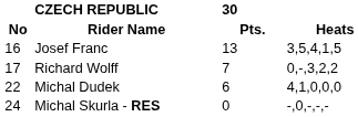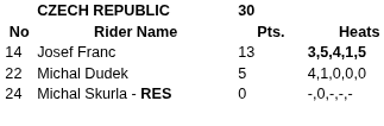 <table class="toccolours">
 <tr>
 <td></td>
 <td><strong>CZECH REPUBLIC</strong></td>
 <td><strong>30</strong></td>
 </tr>
 <tr style="background-color:">
 <th width=30px>No</th>
 <th width=210px>Rider Name</th>
 <th width=70px>Pts.</th>
 <th width=110px>Heats</th>
 </tr>
 <tr style="background-color:">
-<td>16</td>
+<td>14</td>
 <td>Josef Franc</td>
 <td>13</td>
-<td>3,5,4,1,5</td>
-</tr>
-<tr style="background-color:">
-<td>17</td>
-<td>Richard Wolff</td>
-<td>7</td>
-<td>0,-,3,2,2</td>
+<td><strong>3,5,4,1,5</strong></td>
 </tr>
 <tr style="background-color:">
 <td>22</td>
 <td>Michal Dudek</td>
-<td>6</td>
+<td>5</td>
 <td>4,1,0,0,0</td>
 </tr>
 <tr style="background-color:">
 <td>24</td>
 <td>Michal Skurla - <strong>RES</strong></td>
 <td>0</td>
 <td>-,0,-,-,-</td>
 </tr>
 </table>
